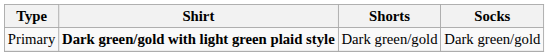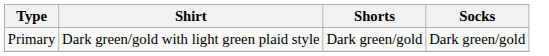 <table class="wikitable">
 <tr>
 <th>Type</th>
 <th>Shirt</th>
 <th>Shorts</th>
 <th>Socks</th>
 </tr>
 <tr>
 <td>Primary</td>
-<td><strong>Dark green/gold with light green plaid style</strong></td>
+<td>Dark green/gold with light green plaid style</td>
 <td>Dark green/gold</td>
 <td>Dark green/gold</td>
 </tr>
 <tr>
 </tr>
 </table>
